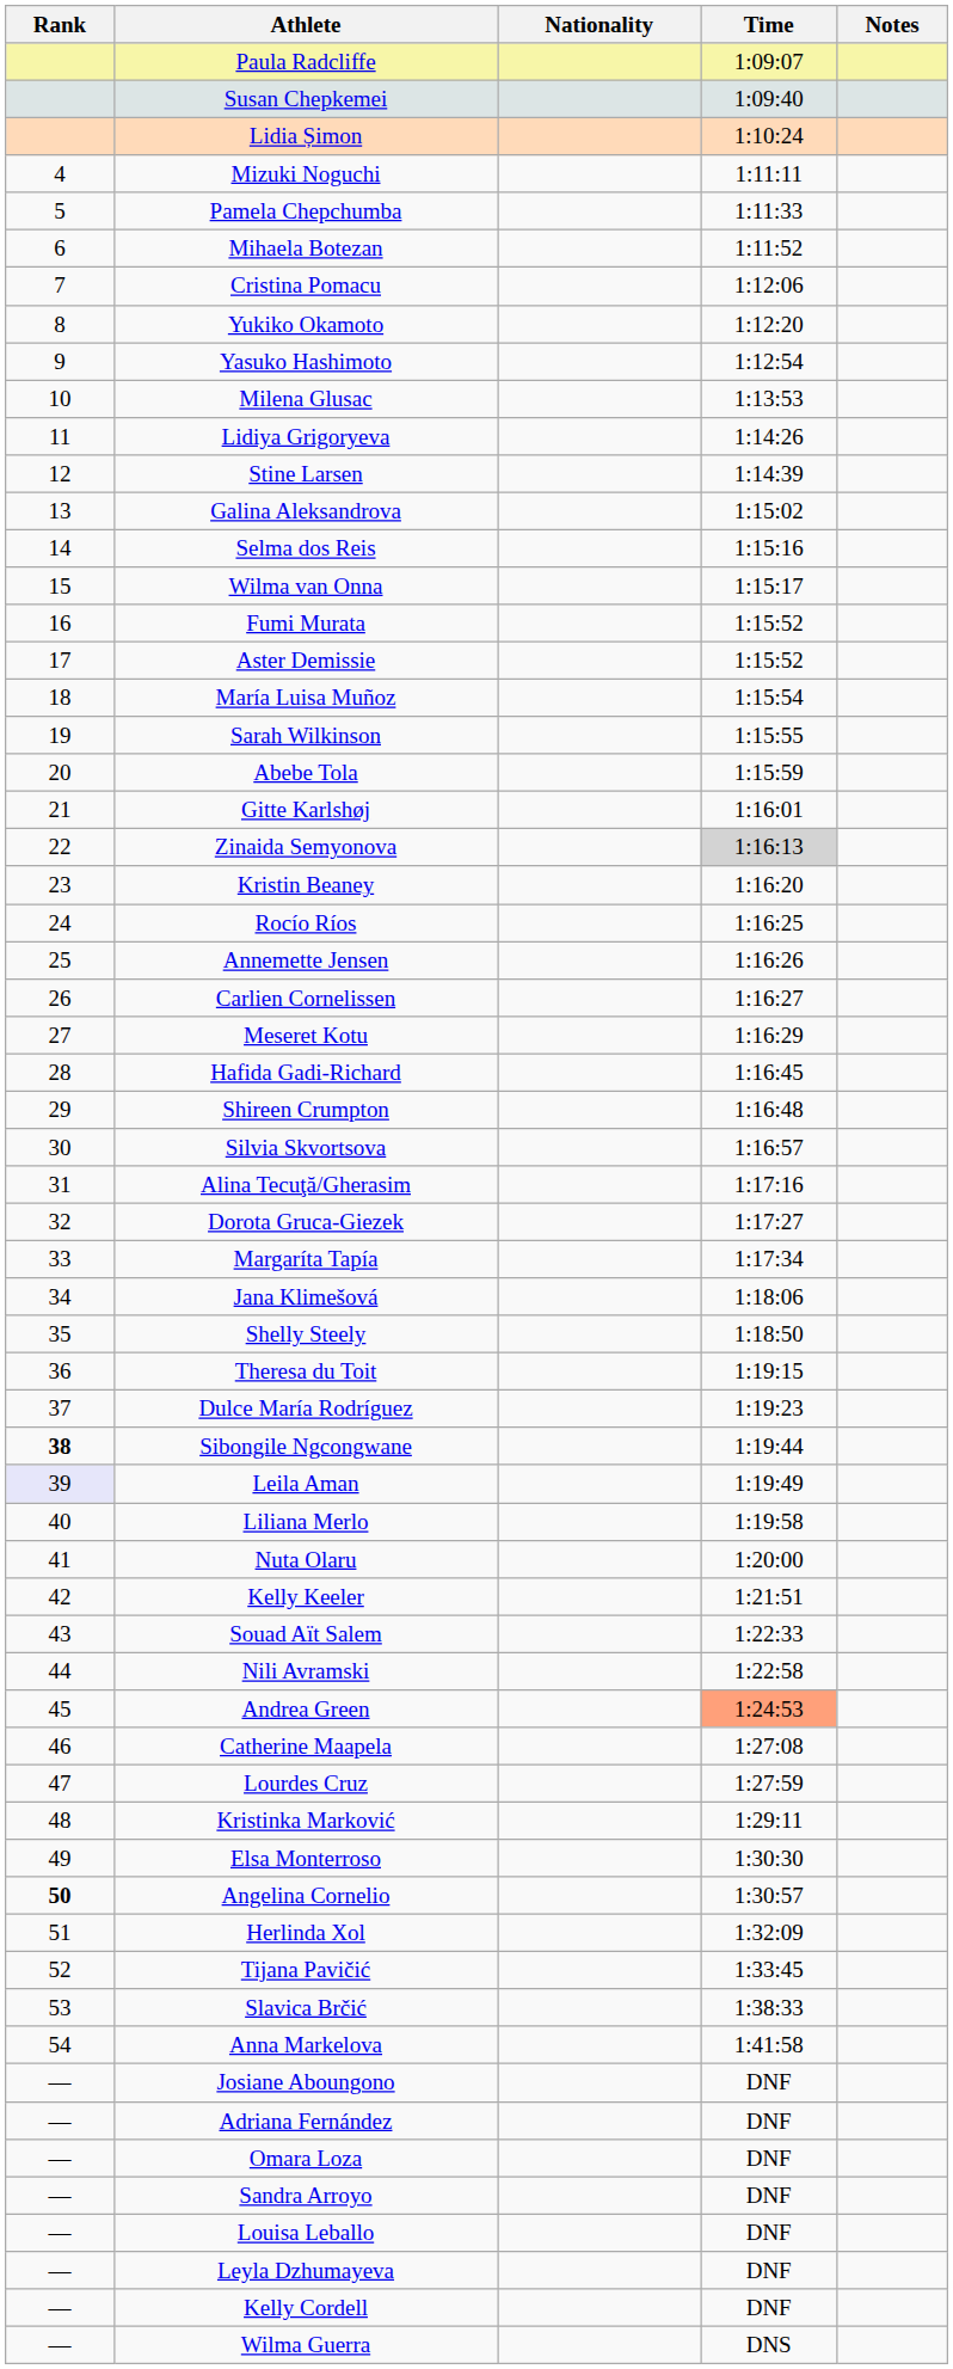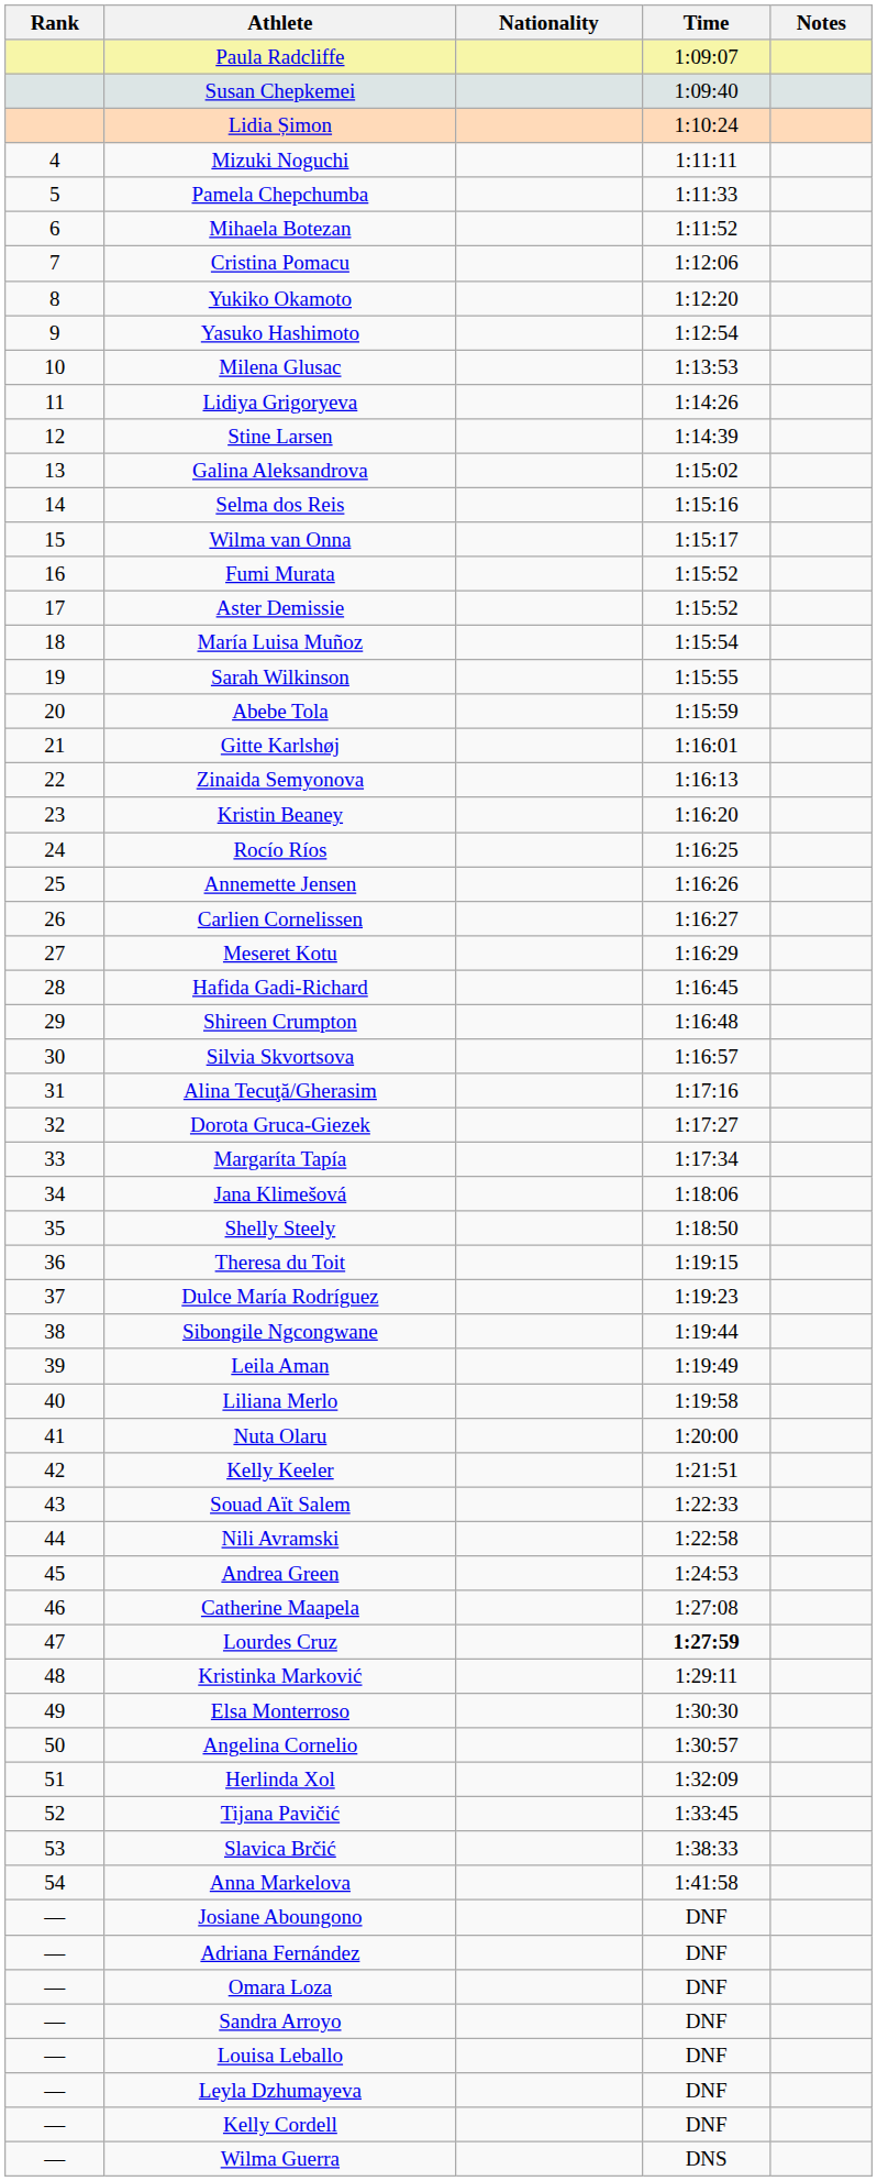 <table class="wikitable sortable" style=" text-align:center; font-size:95%;" width="50%">
 <tr>
 <th>Rank</th>
 <th>Athlete</th>
 <th>Nationality</th>
 <th>Time</th>
 <th>Notes</th>
 </tr>
 <tr bgcolor="#F7F6A8">
 <td align=center></td>
 <td><a href='#'>Paula Radcliffe</a></td>
 <td></td>
 <td>1:09:07</td>
 <td></td>
 </tr>
 <tr bgcolor="#DCE5E5">
 <td align=center></td>
 <td><a href='#'>Susan Chepkemei</a></td>
 <td></td>
 <td>1:09:40</td>
 <td></td>
 </tr>
 <tr bgcolor="#FFDAB9">
 <td align=center></td>
 <td><a href='#'>Lidia Șimon</a></td>
 <td></td>
 <td>1:10:24</td>
 <td></td>
 </tr>
 <tr>
 <td align=center>4</td>
 <td><a href='#'>Mizuki Noguchi</a></td>
 <td></td>
 <td>1:11:11</td>
 <td></td>
 </tr>
 <tr>
 <td align=center>5</td>
 <td><a href='#'>Pamela Chepchumba</a></td>
 <td></td>
 <td>1:11:33</td>
 <td></td>
 </tr>
 <tr>
 <td align=center>6</td>
 <td><a href='#'>Mihaela Botezan</a></td>
 <td></td>
 <td>1:11:52</td>
 <td></td>
 </tr>
 <tr>
 <td align=center>7</td>
 <td><a href='#'>Cristina Pomacu</a></td>
 <td></td>
 <td>1:12:06</td>
 <td></td>
 </tr>
 <tr>
 <td align=center>8</td>
 <td><a href='#'>Yukiko Okamoto</a></td>
 <td></td>
 <td>1:12:20</td>
 <td></td>
 </tr>
 <tr>
 <td align=center>9</td>
 <td><a href='#'>Yasuko Hashimoto</a></td>
 <td></td>
 <td>1:12:54</td>
 <td></td>
 </tr>
 <tr>
 <td align=center>10</td>
 <td><a href='#'>Milena Glusac</a></td>
 <td></td>
 <td>1:13:53</td>
 <td></td>
 </tr>
 <tr>
 <td align=center>11</td>
 <td><a href='#'>Lidiya Grigoryeva</a></td>
 <td></td>
 <td>1:14:26</td>
 <td></td>
 </tr>
 <tr>
 <td align=center>12</td>
 <td><a href='#'>Stine Larsen</a></td>
 <td></td>
 <td>1:14:39</td>
 <td></td>
 </tr>
 <tr>
 <td align=center>13</td>
 <td><a href='#'>Galina Aleksandrova</a></td>
 <td></td>
 <td>1:15:02</td>
 <td></td>
 </tr>
 <tr>
 <td align=center>14</td>
 <td><a href='#'>Selma dos Reis</a></td>
 <td></td>
 <td>1:15:16</td>
 <td></td>
 </tr>
 <tr>
 <td align=center>15</td>
 <td><a href='#'>Wilma van Onna</a></td>
 <td></td>
 <td>1:15:17</td>
 <td></td>
 </tr>
 <tr>
 <td align=center>16</td>
 <td><a href='#'>Fumi Murata</a></td>
 <td></td>
 <td>1:15:52</td>
 <td></td>
 </tr>
 <tr>
 <td align=center>17</td>
 <td><a href='#'>Aster Demissie</a></td>
 <td></td>
 <td>1:15:52</td>
 <td></td>
 </tr>
 <tr>
 <td align=center>18</td>
 <td><a href='#'>María Luisa Muñoz</a></td>
 <td></td>
 <td>1:15:54</td>
 <td></td>
 </tr>
 <tr>
 <td align=center>19</td>
 <td><a href='#'>Sarah Wilkinson</a></td>
 <td></td>
 <td>1:15:55</td>
 <td></td>
 </tr>
 <tr>
 <td align=center>20</td>
 <td><a href='#'>Abebe Tola</a></td>
 <td></td>
 <td>1:15:59</td>
 <td></td>
 </tr>
 <tr>
 <td align=center>21</td>
 <td><a href='#'>Gitte Karlshøj</a></td>
 <td></td>
 <td>1:16:01</td>
 <td></td>
 </tr>
 <tr>
 <td align=center>22</td>
 <td><a href='#'>Zinaida Semyonova</a></td>
 <td></td>
-<td style="background: lightgrey;">1:16:13</td>
+<td>1:16:13</td>
 <td></td>
 </tr>
 <tr>
 <td align=center>23</td>
 <td><a href='#'>Kristin Beaney</a></td>
 <td></td>
 <td>1:16:20</td>
 <td></td>
 </tr>
 <tr>
 <td align=center>24</td>
 <td><a href='#'>Rocío Ríos</a></td>
 <td></td>
 <td>1:16:25</td>
 <td></td>
 </tr>
 <tr>
 <td align=center>25</td>
 <td><a href='#'>Annemette Jensen</a></td>
 <td></td>
 <td>1:16:26</td>
 <td></td>
 </tr>
 <tr>
 <td align=center>26</td>
 <td><a href='#'>Carlien Cornelissen</a></td>
 <td></td>
 <td>1:16:27</td>
 <td></td>
 </tr>
 <tr>
 <td align=center>27</td>
 <td><a href='#'>Meseret Kotu</a></td>
 <td></td>
 <td>1:16:29</td>
 <td></td>
 </tr>
 <tr>
 <td align=center>28</td>
 <td><a href='#'>Hafida Gadi-Richard</a></td>
 <td></td>
 <td>1:16:45</td>
 <td></td>
 </tr>
 <tr>
 <td align=center>29</td>
 <td><a href='#'>Shireen Crumpton</a></td>
 <td></td>
 <td>1:16:48</td>
 <td></td>
 </tr>
 <tr>
 <td align=center>30</td>
 <td><a href='#'>Silvia Skvortsova</a></td>
 <td></td>
 <td>1:16:57</td>
 <td></td>
 </tr>
 <tr>
 <td align=center>31</td>
 <td><a href='#'>Alina Tecuţă/Gherasim</a></td>
 <td></td>
 <td>1:17:16</td>
 <td></td>
 </tr>
 <tr>
 <td align=center>32</td>
 <td><a href='#'>Dorota Gruca-Giezek</a></td>
 <td></td>
 <td>1:17:27</td>
 <td></td>
 </tr>
 <tr>
 <td align=center>33</td>
 <td><a href='#'>Margaríta Tapía</a></td>
 <td></td>
 <td>1:17:34</td>
 <td></td>
 </tr>
 <tr>
 <td align=center>34</td>
 <td><a href='#'>Jana Klimešová</a></td>
 <td></td>
 <td>1:18:06</td>
 <td></td>
 </tr>
 <tr>
 <td align=center>35</td>
 <td><a href='#'>Shelly Steely</a></td>
 <td></td>
 <td>1:18:50</td>
 <td></td>
 </tr>
 <tr>
 <td align=center>36</td>
 <td><a href='#'>Theresa du Toit</a></td>
 <td></td>
 <td>1:19:15</td>
 <td></td>
 </tr>
 <tr>
 <td align=center>37</td>
 <td><a href='#'>Dulce María Rodríguez</a></td>
 <td></td>
 <td>1:19:23</td>
 <td></td>
 </tr>
 <tr>
-<td align=center><strong>38</strong></td>
+<td align=center>38</td>
 <td><a href='#'>Sibongile Ngcongwane</a></td>
 <td></td>
 <td>1:19:44</td>
 <td></td>
 </tr>
 <tr>
-<td align=center style="background: lavender;">39</td>
+<td align=center>39</td>
 <td><a href='#'>Leila Aman</a></td>
 <td></td>
 <td>1:19:49</td>
 <td></td>
 </tr>
 <tr>
 <td align=center>40</td>
 <td><a href='#'>Liliana Merlo</a></td>
 <td></td>
 <td>1:19:58</td>
 <td></td>
 </tr>
 <tr>
 <td align=center>41</td>
 <td><a href='#'>Nuta Olaru</a></td>
 <td></td>
 <td>1:20:00</td>
 <td></td>
 </tr>
 <tr>
 <td align=center>42</td>
 <td><a href='#'>Kelly Keeler</a></td>
 <td></td>
 <td>1:21:51</td>
 <td></td>
 </tr>
 <tr>
 <td align=center>43</td>
 <td><a href='#'>Souad Aït Salem</a></td>
 <td></td>
 <td>1:22:33</td>
 <td></td>
 </tr>
 <tr>
 <td align=center>44</td>
 <td><a href='#'>Nili Avramski</a></td>
 <td></td>
 <td>1:22:58</td>
 <td></td>
 </tr>
 <tr>
 <td align=center>45</td>
 <td><a href='#'>Andrea Green</a></td>
 <td></td>
-<td style="background: lightsalmon;">1:24:53</td>
+<td>1:24:53</td>
 <td></td>
 </tr>
 <tr>
 <td align=center>46</td>
 <td><a href='#'>Catherine Maapela</a></td>
 <td></td>
 <td>1:27:08</td>
 <td></td>
 </tr>
 <tr>
 <td align=center>47</td>
 <td><a href='#'>Lourdes Cruz</a></td>
 <td></td>
-<td>1:27:59</td>
+<td><strong>1:27:59</strong></td>
 <td></td>
 </tr>
 <tr>
 <td align=center>48</td>
 <td><a href='#'>Kristinka Marković</a></td>
 <td></td>
 <td>1:29:11</td>
 <td></td>
 </tr>
 <tr>
 <td align=center>49</td>
 <td><a href='#'>Elsa Monterroso</a></td>
 <td></td>
 <td>1:30:30</td>
 <td></td>
 </tr>
 <tr>
-<td align=center><strong>50</strong></td>
+<td align=center>50</td>
 <td><a href='#'>Angelina Cornelio</a></td>
 <td></td>
 <td>1:30:57</td>
 <td></td>
 </tr>
 <tr>
 <td align=center>51</td>
 <td><a href='#'>Herlinda Xol</a></td>
 <td></td>
 <td>1:32:09</td>
 <td></td>
 </tr>
 <tr>
 <td align=center>52</td>
 <td><a href='#'>Tijana Pavičić</a></td>
 <td></td>
 <td>1:33:45</td>
 <td></td>
 </tr>
 <tr>
 <td align=center>53</td>
 <td><a href='#'>Slavica Brčić</a></td>
 <td></td>
 <td>1:38:33</td>
 <td></td>
 </tr>
 <tr>
 <td align=center>54</td>
 <td><a href='#'>Anna Markelova</a></td>
 <td></td>
 <td>1:41:58</td>
 </tr>
 <tr>
 <td align=center>—</td>
 <td><a href='#'>Josiane Aboungono</a></td>
 <td></td>
 <td>DNF</td>
 <td></td>
 </tr>
 <tr>
 <td align=center>—</td>
 <td><a href='#'>Adriana Fernández</a></td>
 <td></td>
 <td>DNF</td>
 <td></td>
 </tr>
 <tr>
 <td align=center>—</td>
 <td><a href='#'>Omara Loza</a></td>
 <td></td>
 <td>DNF</td>
 <td></td>
 </tr>
 <tr>
 <td align=center>—</td>
 <td><a href='#'>Sandra Arroyo</a></td>
 <td></td>
 <td>DNF</td>
 <td></td>
 </tr>
 <tr>
 <td align=center>—</td>
 <td><a href='#'>Louisa Leballo</a></td>
 <td></td>
 <td>DNF</td>
 <td></td>
 </tr>
 <tr>
 <td align=center>—</td>
 <td><a href='#'>Leyla Dzhumayeva</a></td>
 <td></td>
 <td>DNF</td>
 <td></td>
 </tr>
 <tr>
 <td align=center>—</td>
 <td><a href='#'>Kelly Cordell</a></td>
 <td></td>
 <td>DNF</td>
 <td></td>
 </tr>
 <tr>
 <td align=center>—</td>
 <td><a href='#'>Wilma Guerra</a></td>
 <td></td>
 <td>DNS</td>
 <td></td>
 </tr>
 </table>
